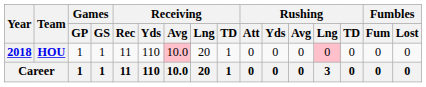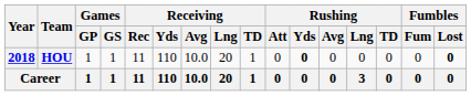 <table class="wikitable" style="text-align: center;">
 <tr>
 <th rowspan="2">Year</th>
 <th rowspan="2">Team</th>
 <th colspan="2">Games</th>
 <th colspan="5">Receiving</th>
 <th colspan="5">Rushing</th>
 <th colspan="2">Fumbles</th>
 </tr>
 <tr>
 <th>GP</th>
 <th>GS</th>
 <th>Rec</th>
 <th>Yds</th>
 <th>Avg</th>
 <th>Lng</th>
 <th>TD</th>
 <th>Att</th>
 <th>Yds</th>
 <th>Avg</th>
 <th>Lng</th>
 <th>TD</th>
 <th>Fum</th>
 <th>Lost</th>
 </tr>
 <tr>
 <th><a href='#'>2018</a></th>
 <th><a href='#'>HOU</a></th>
 <td>1</td>
 <td>1</td>
 <td>11</td>
 <td>110</td>
-<td style="background: pink;">10.0</td>
+<td>10.0</td>
 <td>20</td>
 <td>1</td>
 <td>0</td>
-<td>0</td>
-<td>0</td>
-<td style="background: pink;">0</td>
+<td><strong>0</strong></td>
 <td>0</td>
 <td>0</td>
 <td>0</td>
+<td>0</td>
+<td><strong>0</strong></td>
 </tr>
 <tr>
 <th colspan="2">Career</th>
 <th>1</th>
 <th>1</th>
 <th>11</th>
 <th>110</th>
 <th>10.0</th>
 <th>20</th>
 <th>1</th>
 <th>0</th>
 <th>0</th>
 <th>0</th>
 <th>3</th>
 <th>0</th>
 <th>0</th>
 <th>0</th>
 </tr>
 </table>
